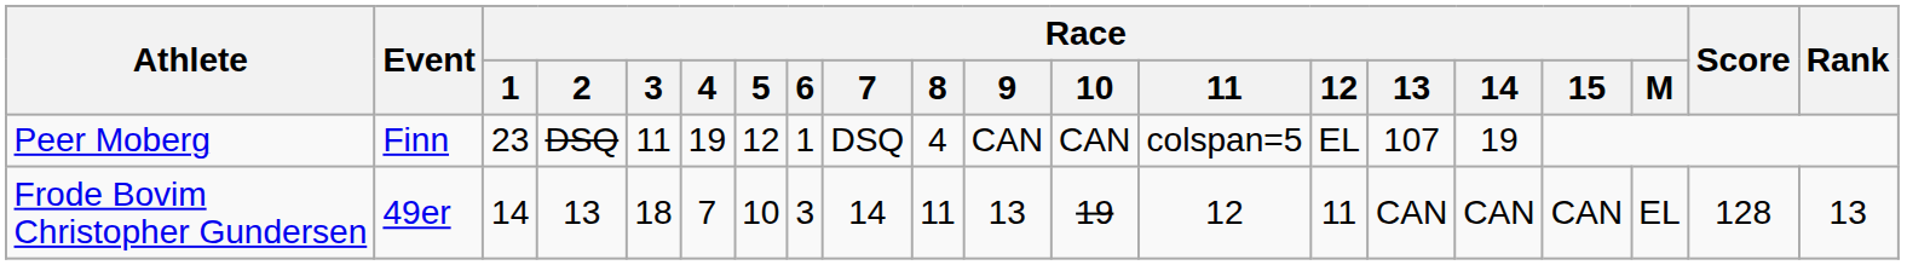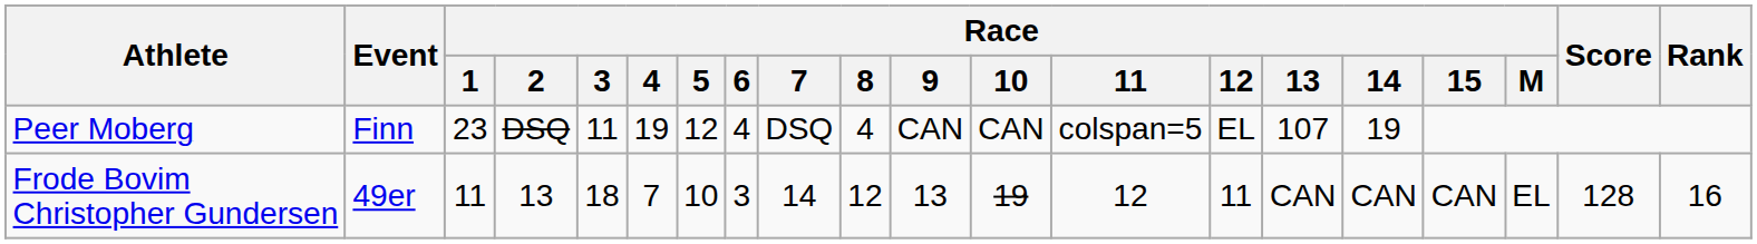 <table class=wikitable style="font-size:90%">
 <tr>
 <th rowspan="2">Athlete</th>
 <th rowspan="2">Event</th>
 <th colspan="16">Race</th>
 <th rowspan="2">Score</th>
 <th rowspan="2">Rank</th>
 </tr>
 <tr>
 <th>1</th>
 <th>2</th>
 <th>3</th>
 <th>4</th>
 <th>5</th>
 <th>6</th>
 <th>7</th>
 <th>8</th>
 <th>9</th>
 <th>10</th>
 <th>11</th>
 <th>12</th>
 <th>13</th>
 <th>14</th>
 <th>15</th>
 <th>M</th>
 </tr>
 <tr align=center>
 <td align=left><a href='#'>Peer Moberg</a></td>
 <td align=left><a href='#'>Finn</a></td>
 <td>23</td>
 <td><s>DSQ</s></td>
 <td>11</td>
 <td>19</td>
 <td>12</td>
-<td>1</td>
+<td>4</td>
 <td>DSQ</td>
 <td>4</td>
 <td>CAN</td>
 <td>CAN</td>
 <td>colspan=5 </td>
 <td>EL</td>
 <td>107</td>
 <td>19</td>
 </tr>
 <tr align=center>
 <td align=left><a href='#'>Frode Bovim</a><br><a href='#'>Christopher Gundersen</a></td>
 <td align=left><a href='#'>49er</a></td>
-<td>14</td>
+<td>11</td>
 <td>13</td>
 <td>18</td>
 <td>7</td>
 <td>10</td>
 <td>3</td>
 <td>14</td>
-<td>11</td>
+<td>12</td>
 <td>13</td>
 <td><s>19</s></td>
 <td>12</td>
 <td>11</td>
 <td>CAN</td>
 <td>CAN</td>
 <td>CAN</td>
 <td>EL</td>
 <td>128</td>
-<td>13</td>
+<td>16</td>
 </tr>
 </table>
